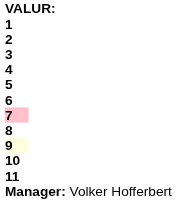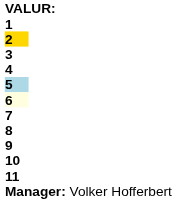 <table style="font-size: 90%" cellspacing="0" cellpadding="0" align=center>
 <tr>
 <td colspan="4"><strong>VALUR:</strong></td>
 </tr>
 <tr>
 <th width="25"></th>
 </tr>
 <tr>
 <td><strong>1</strong></td>
 <td></td>
 </tr>
 <tr>
-<td><strong>2</strong></td>
+<td style="background: gold;"><strong>2</strong></td>
 <td></td>
 </tr>
 <tr>
 <td><strong>3</strong></td>
 <td></td>
 </tr>
 <tr>
 <td><strong>4</strong></td>
 <td></td>
 </tr>
 <tr>
-<td><strong>5</strong></td>
+<td style="background: lightblue;"><strong>5</strong></td>
 <td></td>
 </tr>
 <tr>
-<td><strong>6</strong></td>
+<td style="background: lightyellow;"><strong>6</strong></td>
 <td></td>
 </tr>
 <tr>
-<td style="background: pink;"><strong>7</strong></td>
+<td><strong>7</strong></td>
 <td></td>
 </tr>
 <tr>
 <td><strong>8</strong></td>
 <td></td>
 </tr>
 <tr>
-<td style="background: lightyellow;"><strong>9</strong></td>
+<td><strong>9</strong></td>
 <td></td>
 </tr>
 <tr>
 <td><strong>10</strong></td>
 <td></td>
 </tr>
 <tr>
 <td><strong>11</strong></td>
 <td></td>
 </tr>
 <tr>
 <td colspan=4><strong>Manager:</strong> Volker Hofferbert</td>
 </tr>
 <tr>
 <td colspan="4"></td>
 </tr>
 </table>
